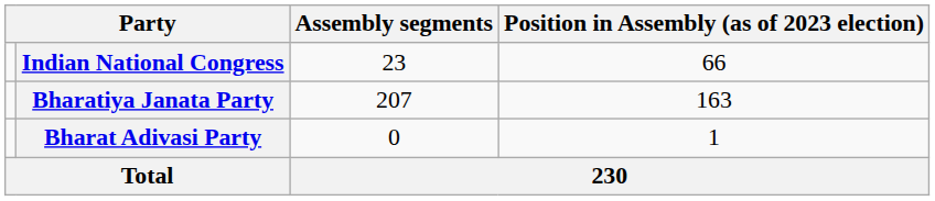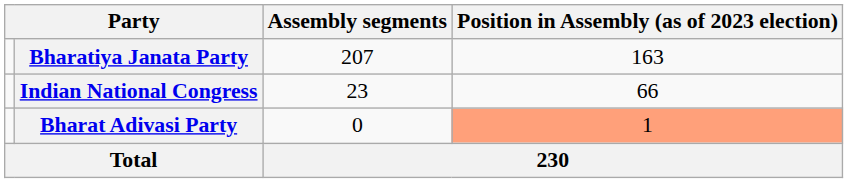 <table class="wikitable" style="text-align:center">
 <tr>
 <th colspan=2>Party</th>
 <th>Assembly segments</th>
 <th>Position in Assembly (as of 2023 election)</th>
+</tr>
+<tr>
+<td></td>
+<th><a href='#'>Bharatiya Janata Party</a></th>
+<td>207</td>
+<td>163</td>
 </tr>
 <tr>
 <td></td>
 <th><a href='#'>Indian National Congress</a></th>
 <td>23</td>
 <td>66</td>
 </tr>
 <tr>
 <td></td>
-<th><a href='#'>Bharatiya Janata Party</a></th>
-<td>207</td>
-<td>163</td>
-</tr>
-<tr>
-<td></td>
 <th><a href='#'>Bharat Adivasi Party</a></th>
 <td>0</td>
-<td>1</td>
+<td style="background: lightsalmon;">1</td>
 </tr>
 <tr>
 <th colspan=2>Total</th>
 <th colspan=2>230</th>
 </tr>
 </table>
